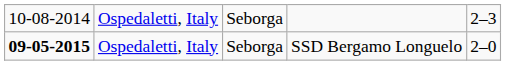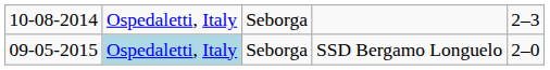 <table class="wikitable">
 <tr>
 <td>10-08-2014</td>
 <td><a href='#'>Ospedaletti</a>, <a href='#'>Italy</a></td>
 <td> Seborga</td>
 <td></td>
 <td>2–3</td>
 </tr>
 <tr>
-<td><strong>09-05-2015</strong></td>
-<td><a href='#'>Ospedaletti</a>, <a href='#'>Italy</a></td>
+<td>09-05-2015</td>
+<td style="background: lightblue;"><a href='#'>Ospedaletti</a>, <a href='#'>Italy</a></td>
 <td> Seborga</td>
 <td>SSD Bergamo Longuelo</td>
 <td>2–0</td>
 </tr>
 </table>
